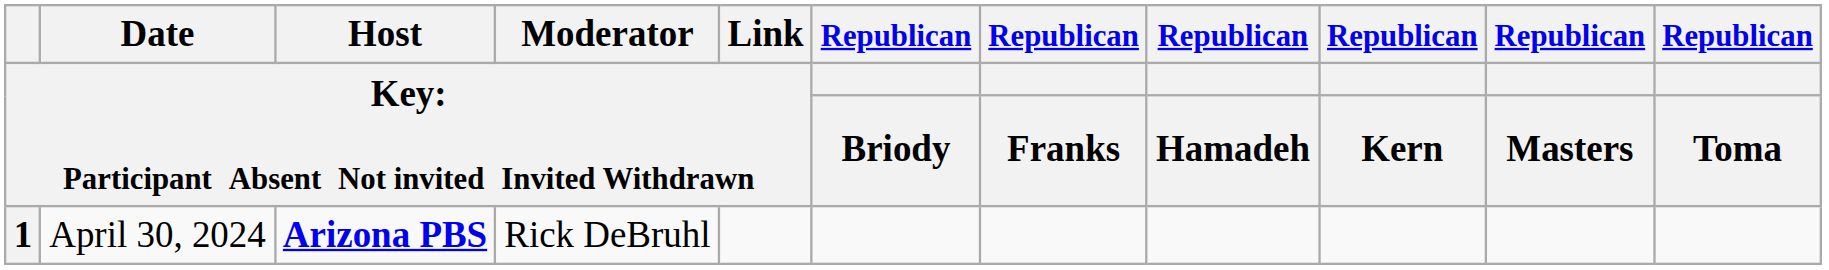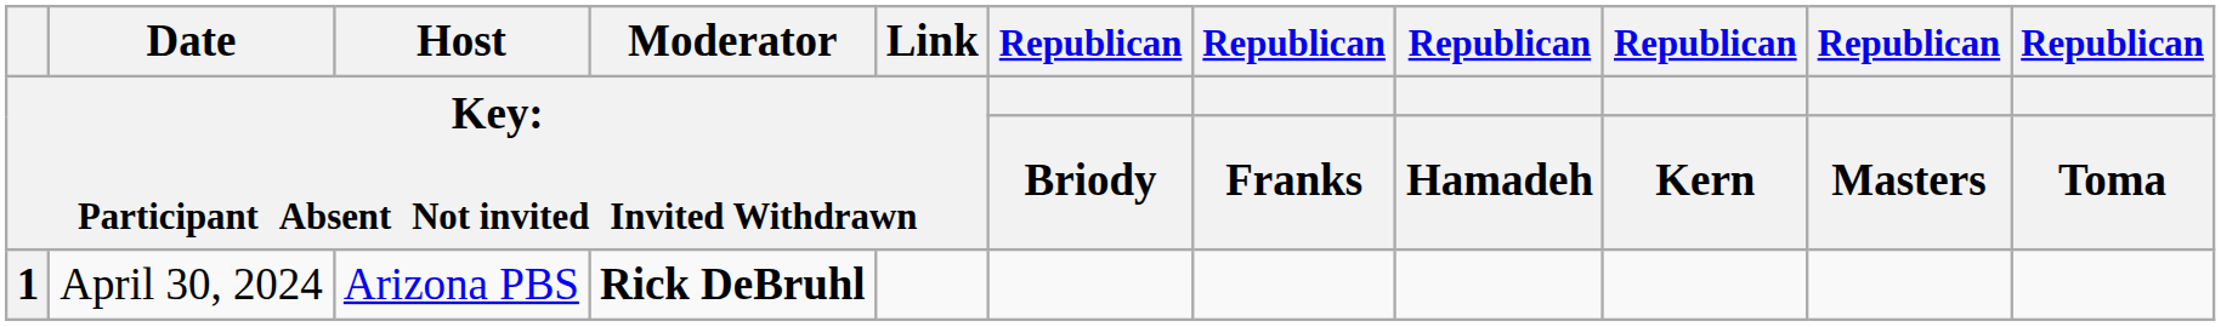 <table class="wikitable" style="text-align:center;">
 <tr>
 <th scope="col"></th>
 <th scope="col">Date</th>
 <th scope="col">Host</th>
 <th scope="col">Moderator</th>
 <th scope="col">Link</th>
 <th scope="col"><small><a href='#'>Republican</a></small></th>
 <th scope="col"><small><a href='#'>Republican</a></small></th>
 <th scope="col"><small><a href='#'>Republican</a></small></th>
 <th scope="col"><small><a href='#'>Republican</a></small></th>
 <th scope="col"><small><a href='#'>Republican</a></small></th>
 <th scope="col"><small><a href='#'>Republican</a></small></th>
 </tr>
 <tr>
 <th colspan="5" rowspan="2">Key:<br><br> <small>Participant </small>  <small>Absent </small>  <small>Not invited </small>  <small>Invited  Withdrawn</small></th>
 <th scope="col" style="background:"></th>
 <th scope="col" style="background:"></th>
 <th scope="col" style="background:"></th>
 <th scope="col" style="background:"></th>
 <th scope="col" style="background:"></th>
 <th scope="col" style="background:"></th>
 </tr>
 <tr>
 <th scope="col">Briody</th>
 <th scope="col">Franks</th>
 <th scope="col">Hamadeh</th>
 <th scope="col">Kern</th>
 <th scope="col">Masters</th>
 <th scope="col">Toma</th>
 </tr>
 <tr>
 <th>1</th>
 <td style="white-space:nowrap;">April 30, 2024</td>
-<td style="white-space:nowrap;"><strong><a href='#'>Arizona PBS</a></strong></td>
-<td style="white-space:nowrap;">Rick DeBruhl</td>
+<td style="white-space:nowrap;"><a href='#'>Arizona PBS</a></td>
+<td style="white-space:nowrap;"><strong>Rick DeBruhl</strong></td>
 <td style="white-space:nowrap;"></td>
 <td></td>
 <td></td>
 <td></td>
 <td></td>
 <td></td>
 <td></td>
 </tr>
 </table>
